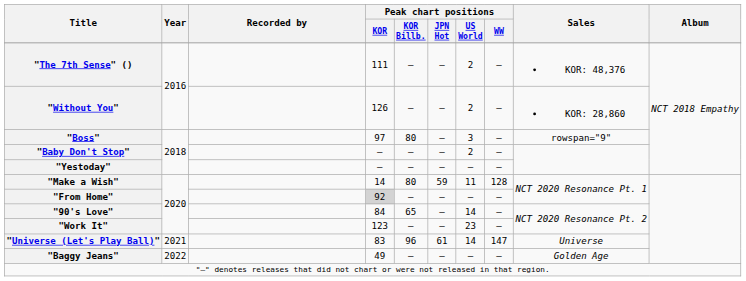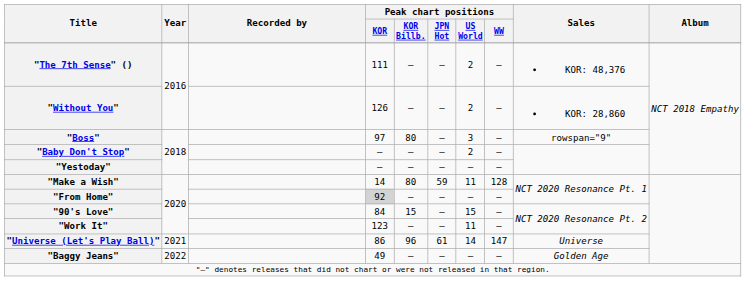 <table class="wikitable plainrowheaders" style="text-align:center;">
 <tr>
 <th scope="col" rowspan="2">Title</th>
 <th scope="col" rowspan="2">Year</th>
 <th scope="col" rowspan="2" style="width:19em;">Recorded by</th>
 <th scope="col" colspan="5">Peak chart positions</th>
 <th scope="col" rowspan="2">Sales</th>
 <th scope="col" rowspan="2">Album</th>
 </tr>
 <tr>
 <th scope="col" style="width:3em;font-size:90%;"><a href='#'>KOR</a><br></th>
 <th scope="col" style="width:3em;font-size:90%;"><a href='#'>KOR<br>Billb.</a><br></th>
 <th scope="col" style="width:3em;font-size:90%;"><a href='#'>JPN<br>Hot</a><br></th>
 <th scope="col" style="width:3em;font-size:90%;"><a href='#'>US<br>World</a><br></th>
 <th scope="col" style="width:3em;font-size:90%;"><a href='#'>WW</a><br></th>
 </tr>
 <tr>
 </tr>
 <tr>
 <th scope="row">"<a href='#'>The 7th Sense</a>" ()</th>
 <td rowspan="2">2016</td>
 <td style="text-align:left"></td>
 <td>111</td>
 <td>—</td>
 <td>—</td>
 <td>2</td>
 <td>—</td>
 <td><br><ul><li>KOR: 48,376</li></ul></td>
 <td rowspan="5"><em>NCT 2018 Empathy</em></td>
 </tr>
 <tr>
 <th scope="row">"<a href='#'>Without You</a>"</th>
 <td style="text-align:left"></td>
 <td>126</td>
 <td>—</td>
 <td>—</td>
 <td>2</td>
 <td>—</td>
 <td><br><ul><li>KOR: 28,860</li></ul></td>
 </tr>
 <tr>
 <th scope="row">"<a href='#'>Boss</a>"</th>
 <td rowspan="3">2018</td>
 <td style="text-align:left"></td>
 <td>97</td>
 <td>80</td>
 <td>—</td>
 <td>3</td>
 <td>—</td>
 <td>rowspan="9" </td>
 </tr>
 <tr>
 <th scope="row">"<a href='#'>Baby Don't Stop</a>"</th>
 <td style="text-align:left"></td>
 <td>—</td>
 <td>—</td>
 <td>—</td>
 <td>2</td>
 <td>—</td>
 </tr>
 <tr>
 <th scope="row">"Yestoday"</th>
 <td style="text-align:left"></td>
 <td>—</td>
 <td>—</td>
 <td>—</td>
 <td>—</td>
 <td>—</td>
 </tr>
 <tr>
 <th scope="row">"Make a Wish"</th>
 <td rowspan="4">2020</td>
 <td style="text-align:left"></td>
 <td>14</td>
 <td>80</td>
 <td>59</td>
 <td>11</td>
 <td>128</td>
 <td rowspan="2"><em>NCT 2020 Resonance Pt. 1</em></td>
 </tr>
 <tr>
 <th scope="row">"From Home"</th>
 <td style="text-align:left"></td>
 <td style="background: lightgrey;">92</td>
 <td>—</td>
 <td>—</td>
 <td>—</td>
 <td>—</td>
 </tr>
 <tr>
 <th scope="row">"90's Love"</th>
 <td style="text-align:left"></td>
 <td>84</td>
-<td>65</td>
+<td>15</td>
 <td>—</td>
-<td>14</td>
+<td>15</td>
 <td>—</td>
 <td rowspan="2"><em>NCT 2020 Resonance Pt. 2</em></td>
 </tr>
 <tr>
 <th scope="row">"Work It"</th>
 <td style="text-align:left"></td>
 <td>123</td>
 <td>—</td>
 <td>—</td>
-<td>23</td>
+<td>11</td>
 <td>—</td>
 </tr>
 <tr>
 <th scope="row">"<a href='#'>Universe (Let's Play Ball)</a>"</th>
 <td>2021</td>
 <td style="text-align:left"></td>
-<td>83</td>
+<td>86</td>
 <td>96</td>
 <td>61</td>
 <td>14</td>
 <td>147</td>
 <td><em>Universe</em></td>
 </tr>
 <tr>
 <th scope="row">"Baggy Jeans"</th>
 <td>2022</td>
 <td style="text-align:left"></td>
 <td>49</td>
 <td>—</td>
 <td>—</td>
 <td>—</td>
 <td>—</td>
 <td><em>Golden Age</em></td>
 </tr>
 <tr>
 <td colspan="11" style="text-align:center; font-size:85%;">"—" denotes releases that did not chart or were not released in that region.</td>
 </tr>
 </table>
